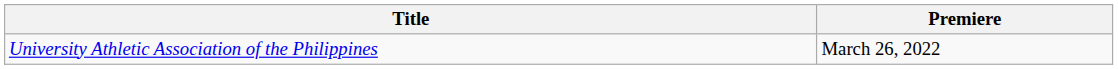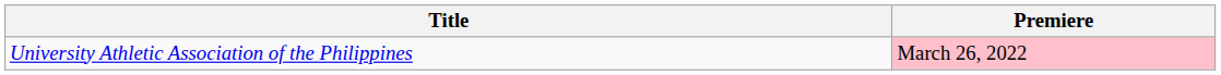 <table class="wikitable sortable" width="75%">
 <tr>
 <th style="width:55%;">Title</th>
 <th style="width:20%;">Premiere</th>
 </tr>
 <tr>
 <td><em><a href='#'>University Athletic Association of the Philippines</a></em></td>
-<td>March 26, 2022</td>
+<td style="background: pink;">March 26, 2022</td>
 </tr>
 </table>
